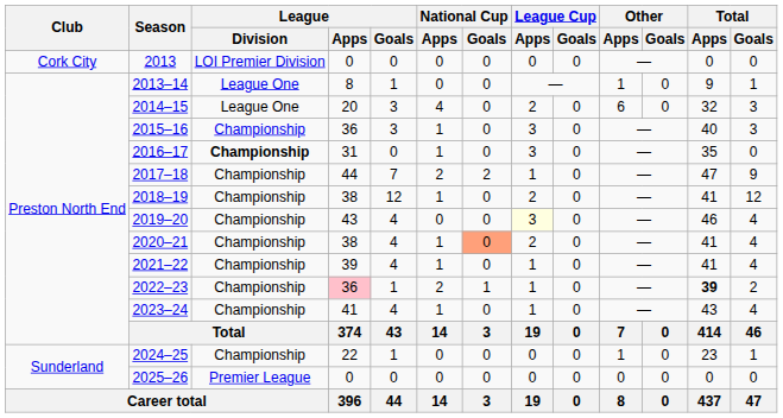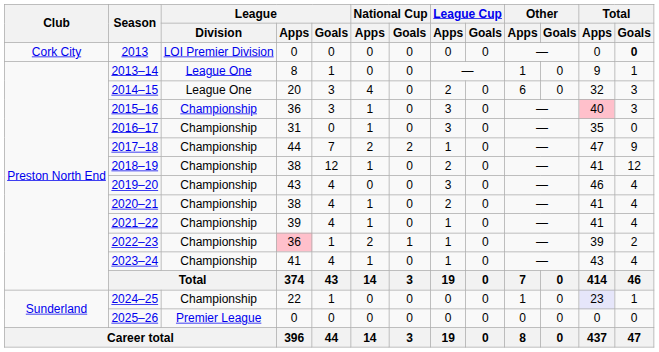 <table class="wikitable" style="text-align: center;">
 <tr>
 <th rowspan="2">Club</th>
 <th rowspan="2">Season</th>
 <th colspan="3">League</th>
 <th colspan="2">National Cup</th>
 <th colspan="2"><a href='#'>League Cup</a></th>
 <th colspan="2">Other</th>
 <th colspan="2">Total</th>
 </tr>
 <tr>
 <th>Division</th>
 <th>Apps</th>
 <th>Goals</th>
 <th>Apps</th>
 <th>Goals</th>
 <th>Apps</th>
 <th>Goals</th>
 <th>Apps</th>
 <th>Goals</th>
 <th>Apps</th>
 <th>Goals</th>
 </tr>
 <tr>
 <td><a href='#'>Cork City</a></td>
 <td><a href='#'>2013</a></td>
 <td><a href='#'>LOI Premier Division</a></td>
 <td>0</td>
 <td>0</td>
 <td>0</td>
 <td>0</td>
 <td>0</td>
 <td>0</td>
 <td colspan="2">—</td>
 <td>0</td>
-<td>0</td>
+<td><strong>0</strong></td>
 </tr>
 <tr>
 <td rowspan="12"><a href='#'>Preston North End</a></td>
 <td><a href='#'>2013–14</a></td>
 <td><a href='#'>League One</a></td>
 <td>8</td>
 <td>1</td>
 <td>0</td>
 <td>0</td>
 <td colspan="2">—</td>
 <td>1</td>
 <td>0</td>
 <td>9</td>
 <td>1</td>
 </tr>
 <tr>
 <td><a href='#'>2014–15</a></td>
 <td>League One</td>
 <td>20</td>
 <td>3</td>
 <td>4</td>
 <td>0</td>
 <td>2</td>
 <td>0</td>
 <td>6</td>
 <td>0</td>
 <td>32</td>
 <td>3</td>
 </tr>
 <tr>
 <td><a href='#'>2015–16</a></td>
 <td><a href='#'>Championship</a></td>
 <td>36</td>
 <td>3</td>
 <td>1</td>
 <td>0</td>
 <td>3</td>
 <td>0</td>
 <td colspan="2">—</td>
-<td>40</td>
+<td style="background: pink;">40</td>
 <td>3</td>
 </tr>
 <tr>
 <td><a href='#'>2016–17</a></td>
-<td><strong>Championship</strong></td>
+<td>Championship</td>
 <td>31</td>
 <td>0</td>
 <td>1</td>
 <td>0</td>
 <td>3</td>
 <td>0</td>
 <td colspan="2">—</td>
 <td>35</td>
 <td>0</td>
 </tr>
 <tr>
 <td><a href='#'>2017–18</a></td>
 <td>Championship</td>
 <td>44</td>
 <td>7</td>
 <td>2</td>
 <td>2</td>
 <td>1</td>
 <td>0</td>
 <td colspan="2">—</td>
 <td>47</td>
 <td>9</td>
 </tr>
 <tr>
 <td><a href='#'>2018–19</a></td>
 <td>Championship</td>
 <td>38</td>
 <td>12</td>
 <td>1</td>
 <td>0</td>
 <td>2</td>
 <td>0</td>
 <td colspan="2">—</td>
 <td>41</td>
 <td>12</td>
 </tr>
 <tr>
 <td><a href='#'>2019–20</a></td>
 <td>Championship</td>
 <td>43</td>
 <td>4</td>
 <td>0</td>
 <td>0</td>
-<td style="background: lightyellow;">3</td>
+<td>3</td>
 <td>0</td>
 <td colspan="2">—</td>
 <td>46</td>
 <td>4</td>
 </tr>
 <tr>
 <td><a href='#'>2020–21</a></td>
 <td>Championship</td>
 <td>38</td>
 <td>4</td>
 <td>1</td>
-<td style="background: lightsalmon;">0</td>
+<td>0</td>
 <td>2</td>
 <td>0</td>
 <td colspan="2">—</td>
 <td>41</td>
 <td>4</td>
 </tr>
 <tr>
 <td><a href='#'>2021–22</a></td>
 <td>Championship</td>
 <td>39</td>
 <td>4</td>
 <td>1</td>
 <td>0</td>
 <td>1</td>
 <td>0</td>
 <td colspan="2">—</td>
 <td>41</td>
 <td>4</td>
 </tr>
 <tr>
 <td><a href='#'>2022–23</a></td>
 <td>Championship</td>
 <td style="background: pink;">36</td>
 <td>1</td>
 <td>2</td>
 <td>1</td>
 <td>1</td>
 <td>0</td>
 <td colspan="2">—</td>
-<td><strong>39</strong></td>
+<td>39</td>
 <td>2</td>
 </tr>
 <tr>
 <td><a href='#'>2023–24</a></td>
 <td>Championship</td>
 <td>41</td>
 <td>4</td>
 <td>1</td>
 <td>0</td>
 <td>1</td>
 <td>0</td>
 <td colspan="2">—</td>
 <td>43</td>
 <td>4</td>
 </tr>
 <tr>
 <th colspan="2">Total</th>
 <th>374</th>
 <th>43</th>
 <th>14</th>
 <th>3</th>
 <th>19</th>
 <th>0</th>
 <th>7</th>
 <th>0</th>
 <th>414</th>
 <th>46</th>
 </tr>
 <tr>
 <td rowspan="2"><a href='#'>Sunderland</a></td>
 <td><a href='#'>2024–25</a></td>
 <td>Championship</td>
 <td>22</td>
 <td>1</td>
 <td>0</td>
 <td>0</td>
 <td>0</td>
 <td>0</td>
 <td>1</td>
 <td>0</td>
-<td>23</td>
+<td style="background: lavender;">23</td>
 <td>1</td>
 </tr>
 <tr>
 <td><a href='#'>2025–26</a></td>
 <td><a href='#'>Premier League</a></td>
 <td>0</td>
 <td>0</td>
 <td>0</td>
 <td>0</td>
 <td>0</td>
 <td>0</td>
 <td>0</td>
 <td>0</td>
 <td>0</td>
 <td>0</td>
 </tr>
 <tr>
 <th colspan="3">Career total</th>
 <th>396</th>
 <th>44</th>
 <th>14</th>
 <th>3</th>
 <th>19</th>
 <th>0</th>
 <th>8</th>
 <th>0</th>
 <th>437</th>
 <th>47</th>
 </tr>
 </table>
